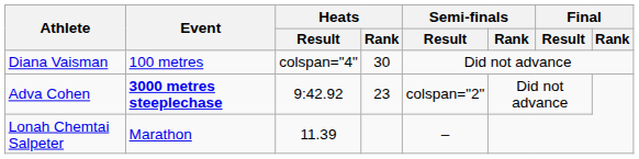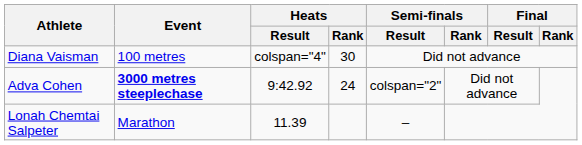 <table class="wikitable" style="font-size:90%">
 <tr>
 <th rowspan="2">Athlete</th>
 <th rowspan="2">Event</th>
 <th colspan="2">Heats</th>
 <th colspan="2">Semi-finals</th>
 <th colspan="2">Final</th>
 </tr>
 <tr style="font-size:95%">
 <th>Result</th>
 <th>Rank</th>
 <th>Result</th>
 <th>Rank</th>
 <th>Result</th>
 <th>Rank</th>
 </tr>
 <tr align="center">
 <td align="left"><a href='#'>Diana Vaisman</a></td>
 <td align="left"><a href='#'>100 metres</a></td>
 <td>colspan="4" </td>
 <td>30</td>
 <td colspan="4">Did not advance</td>
 </tr>
 <tr align="center">
 <td align="left"><a href='#'>Adva Cohen</a></td>
 <td align="left"><strong><a href='#'>3000 metres steeplechase</a></strong></td>
 <td>9:42.92</td>
-<td>23</td>
+<td>24</td>
 <td>colspan="2" </td>
 <td colspan="2">Did not advance</td>
 </tr>
 <tr align="center">
 <td align="left"><a href='#'>Lonah Chemtai Salpeter</a></td>
 <td align="left"><a href='#'>Marathon</a></td>
 <td>11.39</td>
 <td></td>
 <td>–</td>
 </tr>
 </table>
